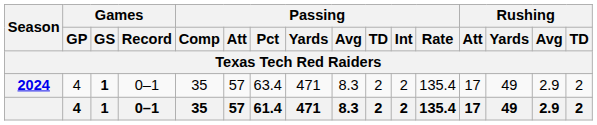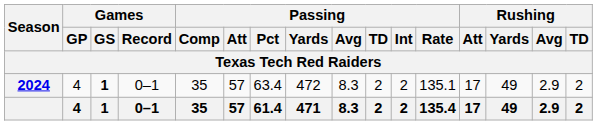 <table class="wikitable" style="text-align:center;">
 <tr>
 <th rowspan="2">Season</th>
 <th colspan="3">Games</th>
 <th colspan="8">Passing</th>
 <th colspan="5">Rushing</th>
 </tr>
 <tr>
 <th>GP</th>
 <th>GS</th>
 <th>Record</th>
 <th>Comp</th>
 <th>Att</th>
 <th>Pct</th>
 <th>Yards</th>
 <th>Avg</th>
 <th>TD</th>
 <th>Int</th>
 <th>Rate</th>
 <th>Att</th>
 <th>Yards</th>
 <th>Avg</th>
 <th>TD</th>
 </tr>
 <tr>
 <th colspan="16">Texas Tech Red Raiders</th>
 </tr>
 <tr>
 <th><a href='#'>2024</a></th>
 <td>4</td>
 <td><strong>1</strong></td>
 <td>0–1</td>
 <td>35</td>
 <td>57</td>
 <td>63.4</td>
-<td>471</td>
+<td>472</td>
 <td>8.3</td>
 <td>2</td>
 <td>2</td>
-<td>135.4</td>
+<td>135.1</td>
 <td>17</td>
 <td>49</td>
 <td>2.9</td>
 <td>2</td>
 </tr>
 <tr class="sortbottom" style="background:#eee;">
 <th></th>
 <th>4</th>
 <th>1</th>
 <th>0–1</th>
 <th>35</th>
 <th>57</th>
 <th>61.4</th>
 <th>471</th>
 <th>8.3</th>
 <th>2</th>
 <th>2</th>
 <th>135.4</th>
 <th>17</th>
 <th>49</th>
 <th>2.9</th>
 <th>2</th>
 </tr>
 </table>
